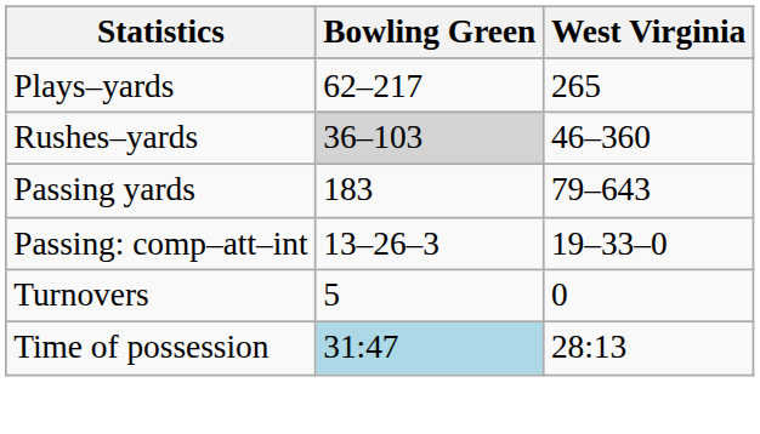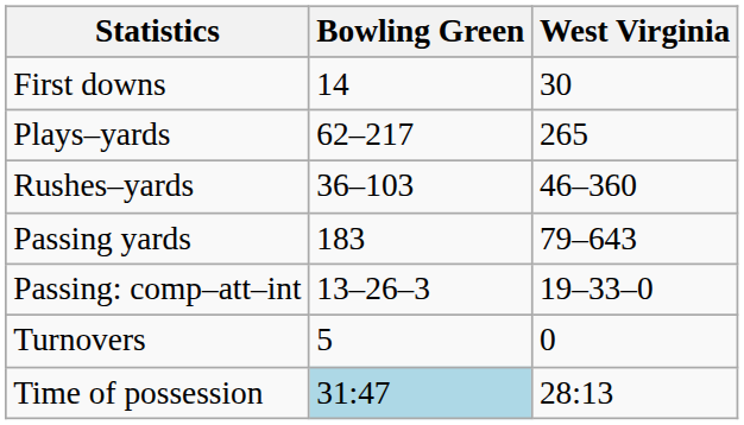 <table class="wikitable" style="float:left">
 <tr>
 <th>Statistics</th>
 <th>Bowling Green</th>
 <th>West Virginia</th>
+</tr>
+<tr>
+<td>First downs</td>
+<td>14</td>
+<td>30</td>
 </tr>
 <tr>
 <td>Plays–yards</td>
 <td>62–217</td>
 <td>265</td>
 </tr>
 <tr>
 <td>Rushes–yards</td>
-<td style="background: lightgrey;">36–103</td>
+<td>36–103</td>
 <td>46–360</td>
 </tr>
 <tr>
 <td>Passing yards</td>
 <td>183</td>
 <td>79–643</td>
 </tr>
 <tr>
 <td>Passing: comp–att–int</td>
 <td>13–26–3</td>
 <td>19–33–0</td>
 </tr>
 <tr>
 <td>Turnovers</td>
 <td>5</td>
 <td>0</td>
 </tr>
 <tr>
 <td>Time of possession</td>
 <td style="background: lightblue;">31:47</td>
 <td>28:13</td>
 </tr>
 </table>
